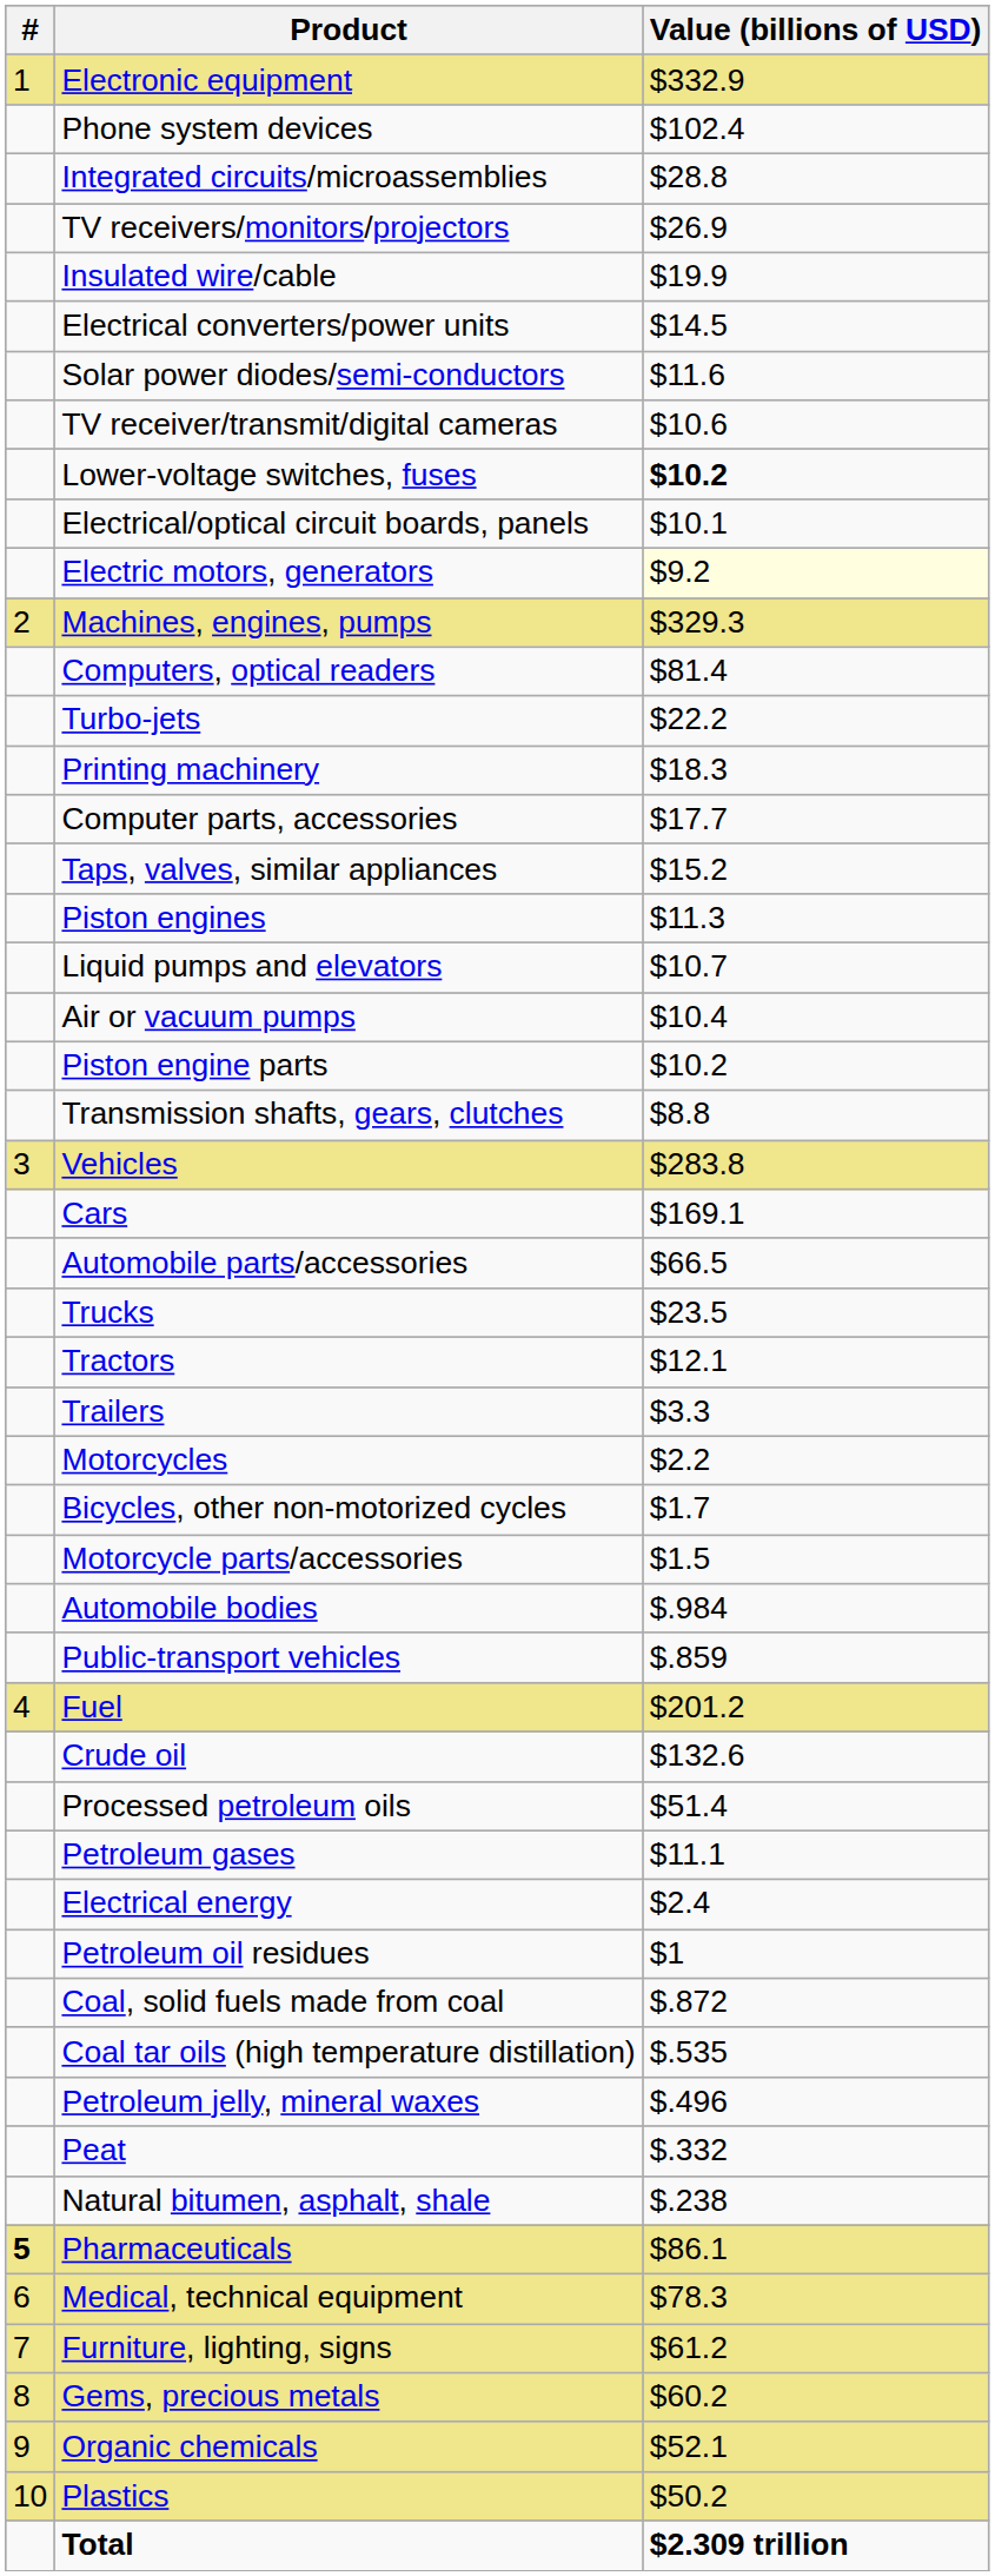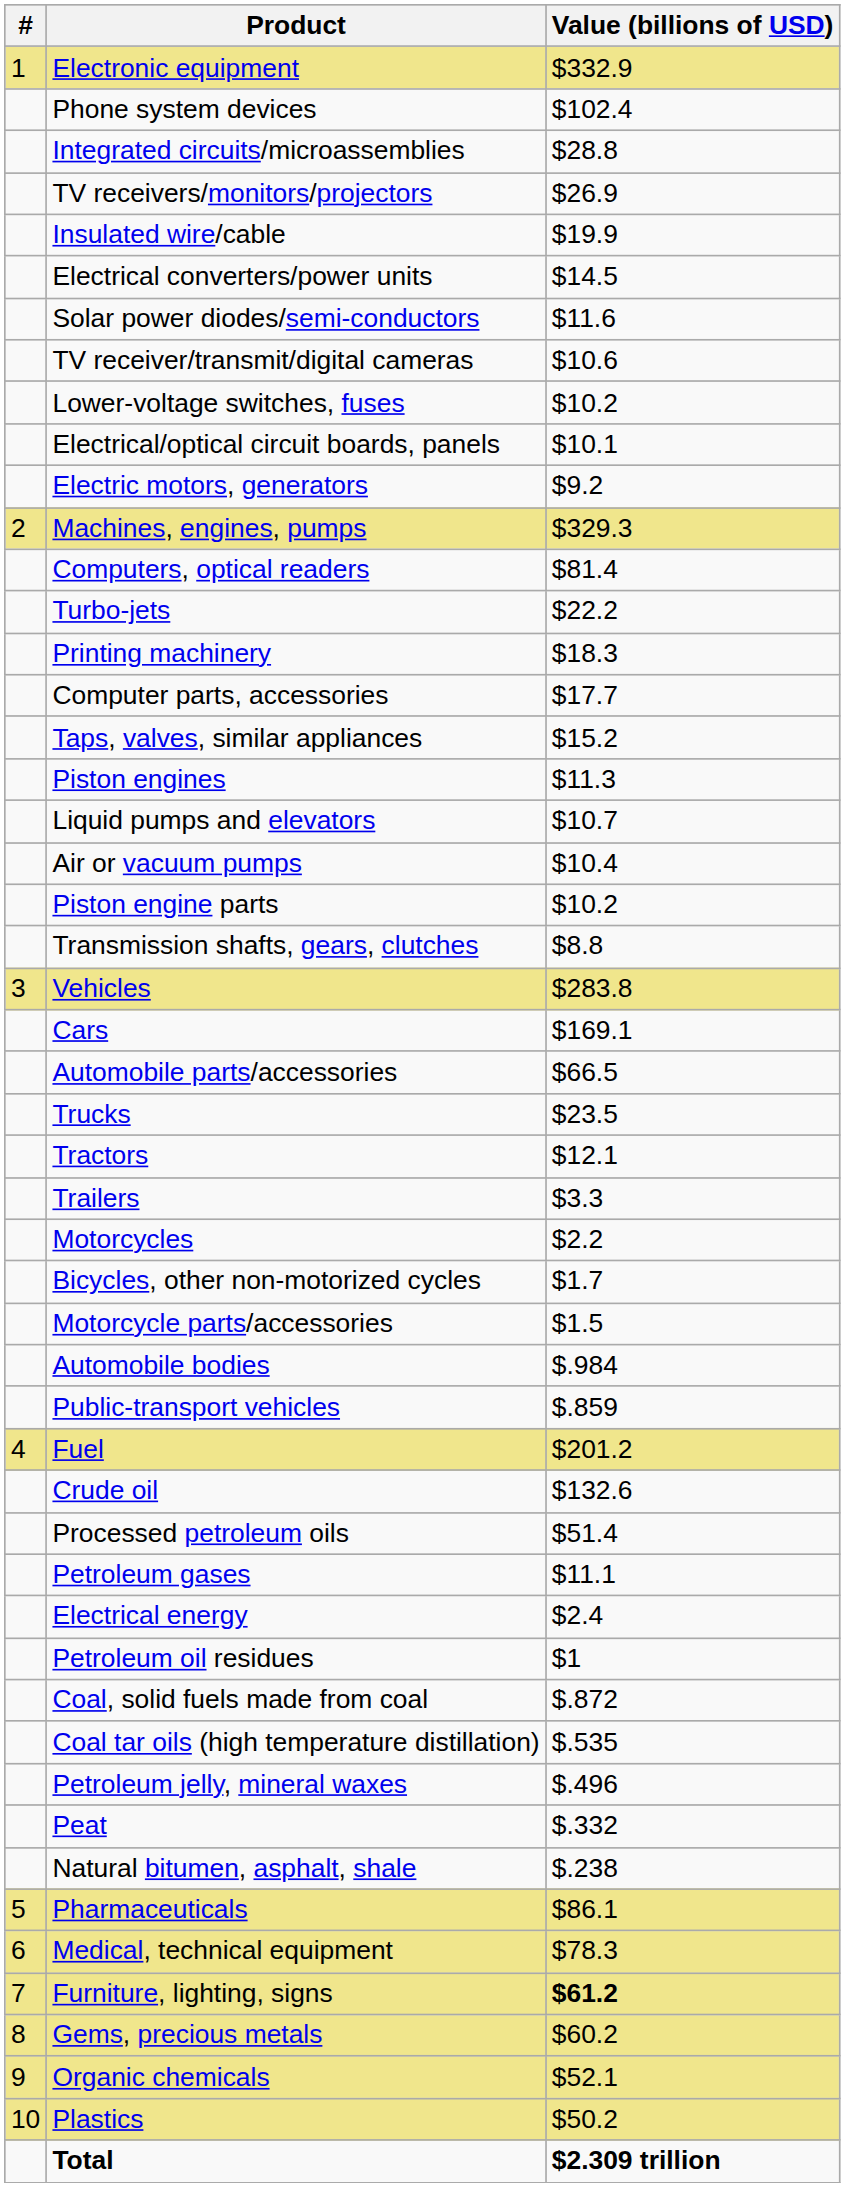 <table class="wikitable">
 <tr>
 <th>#</th>
 <th>Product</th>
 <th>Value (billions of <a href='#'>USD</a>)</th>
 </tr>
 <tr>
 <td style="background:#F0E68C;">1</td>
 <td style="background:#F0E68C;"><a href='#'>Electronic equipment</a></td>
 <td style="background:#F0E68C;">$332.9</td>
 </tr>
 <tr>
 <td></td>
 <td>Phone system devices</td>
 <td>$102.4</td>
 </tr>
 <tr>
 <td></td>
 <td><a href='#'>Integrated circuits</a>/microassemblies</td>
 <td>$28.8</td>
 </tr>
 <tr>
 <td></td>
 <td>TV receivers/<a href='#'>monitors</a>/<a href='#'>projectors</a></td>
 <td>$26.9</td>
 </tr>
 <tr>
 <td></td>
 <td><a href='#'>Insulated wire</a>/cable</td>
 <td>$19.9</td>
 </tr>
 <tr>
 <td></td>
 <td>Electrical converters/power units</td>
 <td>$14.5</td>
 </tr>
 <tr>
 <td></td>
 <td>Solar power diodes/<a href='#'>semi-conductors</a></td>
 <td>$11.6</td>
 </tr>
 <tr>
 <td></td>
 <td>TV receiver/transmit/digital cameras</td>
 <td>$10.6</td>
 </tr>
 <tr>
 <td></td>
 <td>Lower-voltage switches, <a href='#'>fuses</a></td>
-<td><strong>$10.2</strong></td>
+<td>$10.2</td>
 </tr>
 <tr>
 <td></td>
 <td>Electrical/optical circuit boards, panels</td>
 <td>$10.1</td>
 </tr>
 <tr>
 <td></td>
 <td><a href='#'>Electric motors</a>, <a href='#'>generators</a></td>
-<td style="background: lightyellow;">$9.2</td>
+<td>$9.2</td>
 </tr>
 <tr>
 <td style="background:#F0E68C;">2</td>
 <td style="background:#F0E68C;"><a href='#'>Machines</a>, <a href='#'>engines</a>, <a href='#'>pumps</a></td>
 <td style="background:#F0E68C;">$329.3</td>
 </tr>
 <tr>
 <td></td>
 <td><a href='#'>Computers</a>, <a href='#'>optical readers</a></td>
 <td>$81.4</td>
 </tr>
 <tr>
 <td></td>
 <td><a href='#'>Turbo-jets</a></td>
 <td>$22.2</td>
 </tr>
 <tr>
 <td></td>
 <td><a href='#'>Printing machinery</a></td>
 <td>$18.3</td>
 </tr>
 <tr>
 <td></td>
 <td>Computer parts, accessories</td>
 <td>$17.7</td>
 </tr>
 <tr>
 <td></td>
 <td><a href='#'>Taps</a>, <a href='#'>valves</a>, similar appliances</td>
 <td>$15.2</td>
 </tr>
 <tr>
 <td></td>
 <td><a href='#'>Piston engines</a></td>
 <td>$11.3</td>
 </tr>
 <tr>
 <td></td>
 <td>Liquid pumps and <a href='#'>elevators</a></td>
 <td>$10.7</td>
 </tr>
 <tr>
 <td></td>
 <td>Air or <a href='#'>vacuum pumps</a></td>
 <td>$10.4</td>
 </tr>
 <tr>
 <td></td>
 <td><a href='#'>Piston engine</a> parts</td>
 <td>$10.2</td>
 </tr>
 <tr>
 <td></td>
 <td>Transmission shafts, <a href='#'>gears</a>, <a href='#'>clutches</a></td>
 <td>$8.8</td>
 </tr>
 <tr>
 <td style="background:#F0E68C;">3</td>
 <td style="background:#F0E68C;"><a href='#'>Vehicles</a></td>
 <td style="background:#F0E68C;">$283.8</td>
 </tr>
 <tr>
 <td></td>
 <td><a href='#'>Cars</a></td>
 <td>$169.1</td>
 </tr>
 <tr>
 <td></td>
 <td><a href='#'>Automobile parts</a>/accessories</td>
 <td>$66.5</td>
 </tr>
 <tr>
 <td></td>
 <td><a href='#'>Trucks</a></td>
 <td>$23.5</td>
 </tr>
 <tr>
 <td></td>
 <td><a href='#'>Tractors</a></td>
 <td>$12.1</td>
 </tr>
 <tr>
 <td></td>
 <td><a href='#'>Trailers</a></td>
 <td>$3.3</td>
 </tr>
 <tr>
 <td></td>
 <td><a href='#'>Motorcycles</a></td>
 <td>$2.2</td>
 </tr>
 <tr>
 <td></td>
 <td><a href='#'>Bicycles</a>, other non-motorized cycles</td>
 <td>$1.7</td>
 </tr>
 <tr>
 <td></td>
 <td><a href='#'>Motorcycle parts</a>/accessories</td>
 <td>$1.5</td>
 </tr>
 <tr>
 <td></td>
 <td><a href='#'>Automobile bodies</a></td>
 <td>$.984</td>
 </tr>
 <tr>
 <td></td>
 <td><a href='#'>Public-transport vehicles</a></td>
 <td>$.859</td>
 </tr>
 <tr>
 <td style="background:#F0E68C;">4</td>
 <td style="background:#F0E68C;"><a href='#'>Fuel</a></td>
 <td style="background:#F0E68C;">$201.2</td>
 </tr>
 <tr>
 <td></td>
 <td><a href='#'>Crude oil</a></td>
 <td>$132.6</td>
 </tr>
 <tr>
 <td></td>
 <td>Processed <a href='#'>petroleum</a> oils</td>
 <td>$51.4</td>
 </tr>
 <tr>
 <td></td>
 <td><a href='#'>Petroleum gases</a></td>
 <td>$11.1</td>
 </tr>
 <tr>
 <td></td>
 <td><a href='#'>Electrical energy</a></td>
 <td>$2.4</td>
 </tr>
 <tr>
 <td></td>
 <td><a href='#'>Petroleum oil</a> residues</td>
 <td>$1</td>
 </tr>
 <tr>
 <td></td>
 <td><a href='#'>Coal</a>, solid fuels made from coal</td>
 <td>$.872</td>
 </tr>
 <tr>
 <td></td>
 <td><a href='#'>Coal tar oils</a> (high temperature distillation)</td>
 <td>$.535</td>
 </tr>
 <tr>
 <td></td>
 <td><a href='#'>Petroleum jelly</a>, <a href='#'>mineral waxes</a></td>
 <td>$.496</td>
 </tr>
 <tr>
 <td></td>
 <td><a href='#'>Peat</a></td>
 <td>$.332</td>
 </tr>
 <tr>
 <td></td>
 <td>Natural <a href='#'>bitumen</a>, <a href='#'>asphalt</a>, <a href='#'>shale</a></td>
 <td>$.238</td>
 </tr>
 <tr>
-<td style="background:#F0E68C;"><strong>5</strong></td>
+<td style="background:#F0E68C;">5</td>
 <td style="background:#F0E68C;"><a href='#'>Pharmaceuticals</a></td>
 <td style="background:#F0E68C;">$86.1</td>
 </tr>
 <tr>
 <td style="background:#F0E68C;">6</td>
 <td style="background:#F0E68C;"><a href='#'>Medical</a>, technical equipment</td>
 <td style="background:#F0E68C;">$78.3</td>
 </tr>
 <tr>
 <td style="background:#F0E68C;">7</td>
 <td style="background:#F0E68C;"><a href='#'>Furniture</a>, lighting, signs</td>
-<td style="background:#F0E68C;">$61.2</td>
+<td style="background:#F0E68C;"><strong>$61.2</strong></td>
 </tr>
 <tr>
 <td style="background:#F0E68C;">8</td>
 <td style="background:#F0E68C;"><a href='#'>Gems</a>, <a href='#'>precious metals</a></td>
 <td style="background:#F0E68C;">$60.2</td>
 </tr>
 <tr>
 <td style="background:#F0E68C;">9</td>
 <td style="background:#F0E68C;"><a href='#'>Organic chemicals</a></td>
 <td style="background:#F0E68C;">$52.1</td>
 </tr>
 <tr>
 <td style="background:#F0E68C;">10</td>
 <td style="background:#F0E68C;"><a href='#'>Plastics</a></td>
 <td style="background:#F0E68C;">$50.2</td>
 </tr>
 <tr>
 <td></td>
 <td><strong>Total</strong></td>
 <td><strong>$2.309 trillion</strong></td>
 </tr>
 </table>
